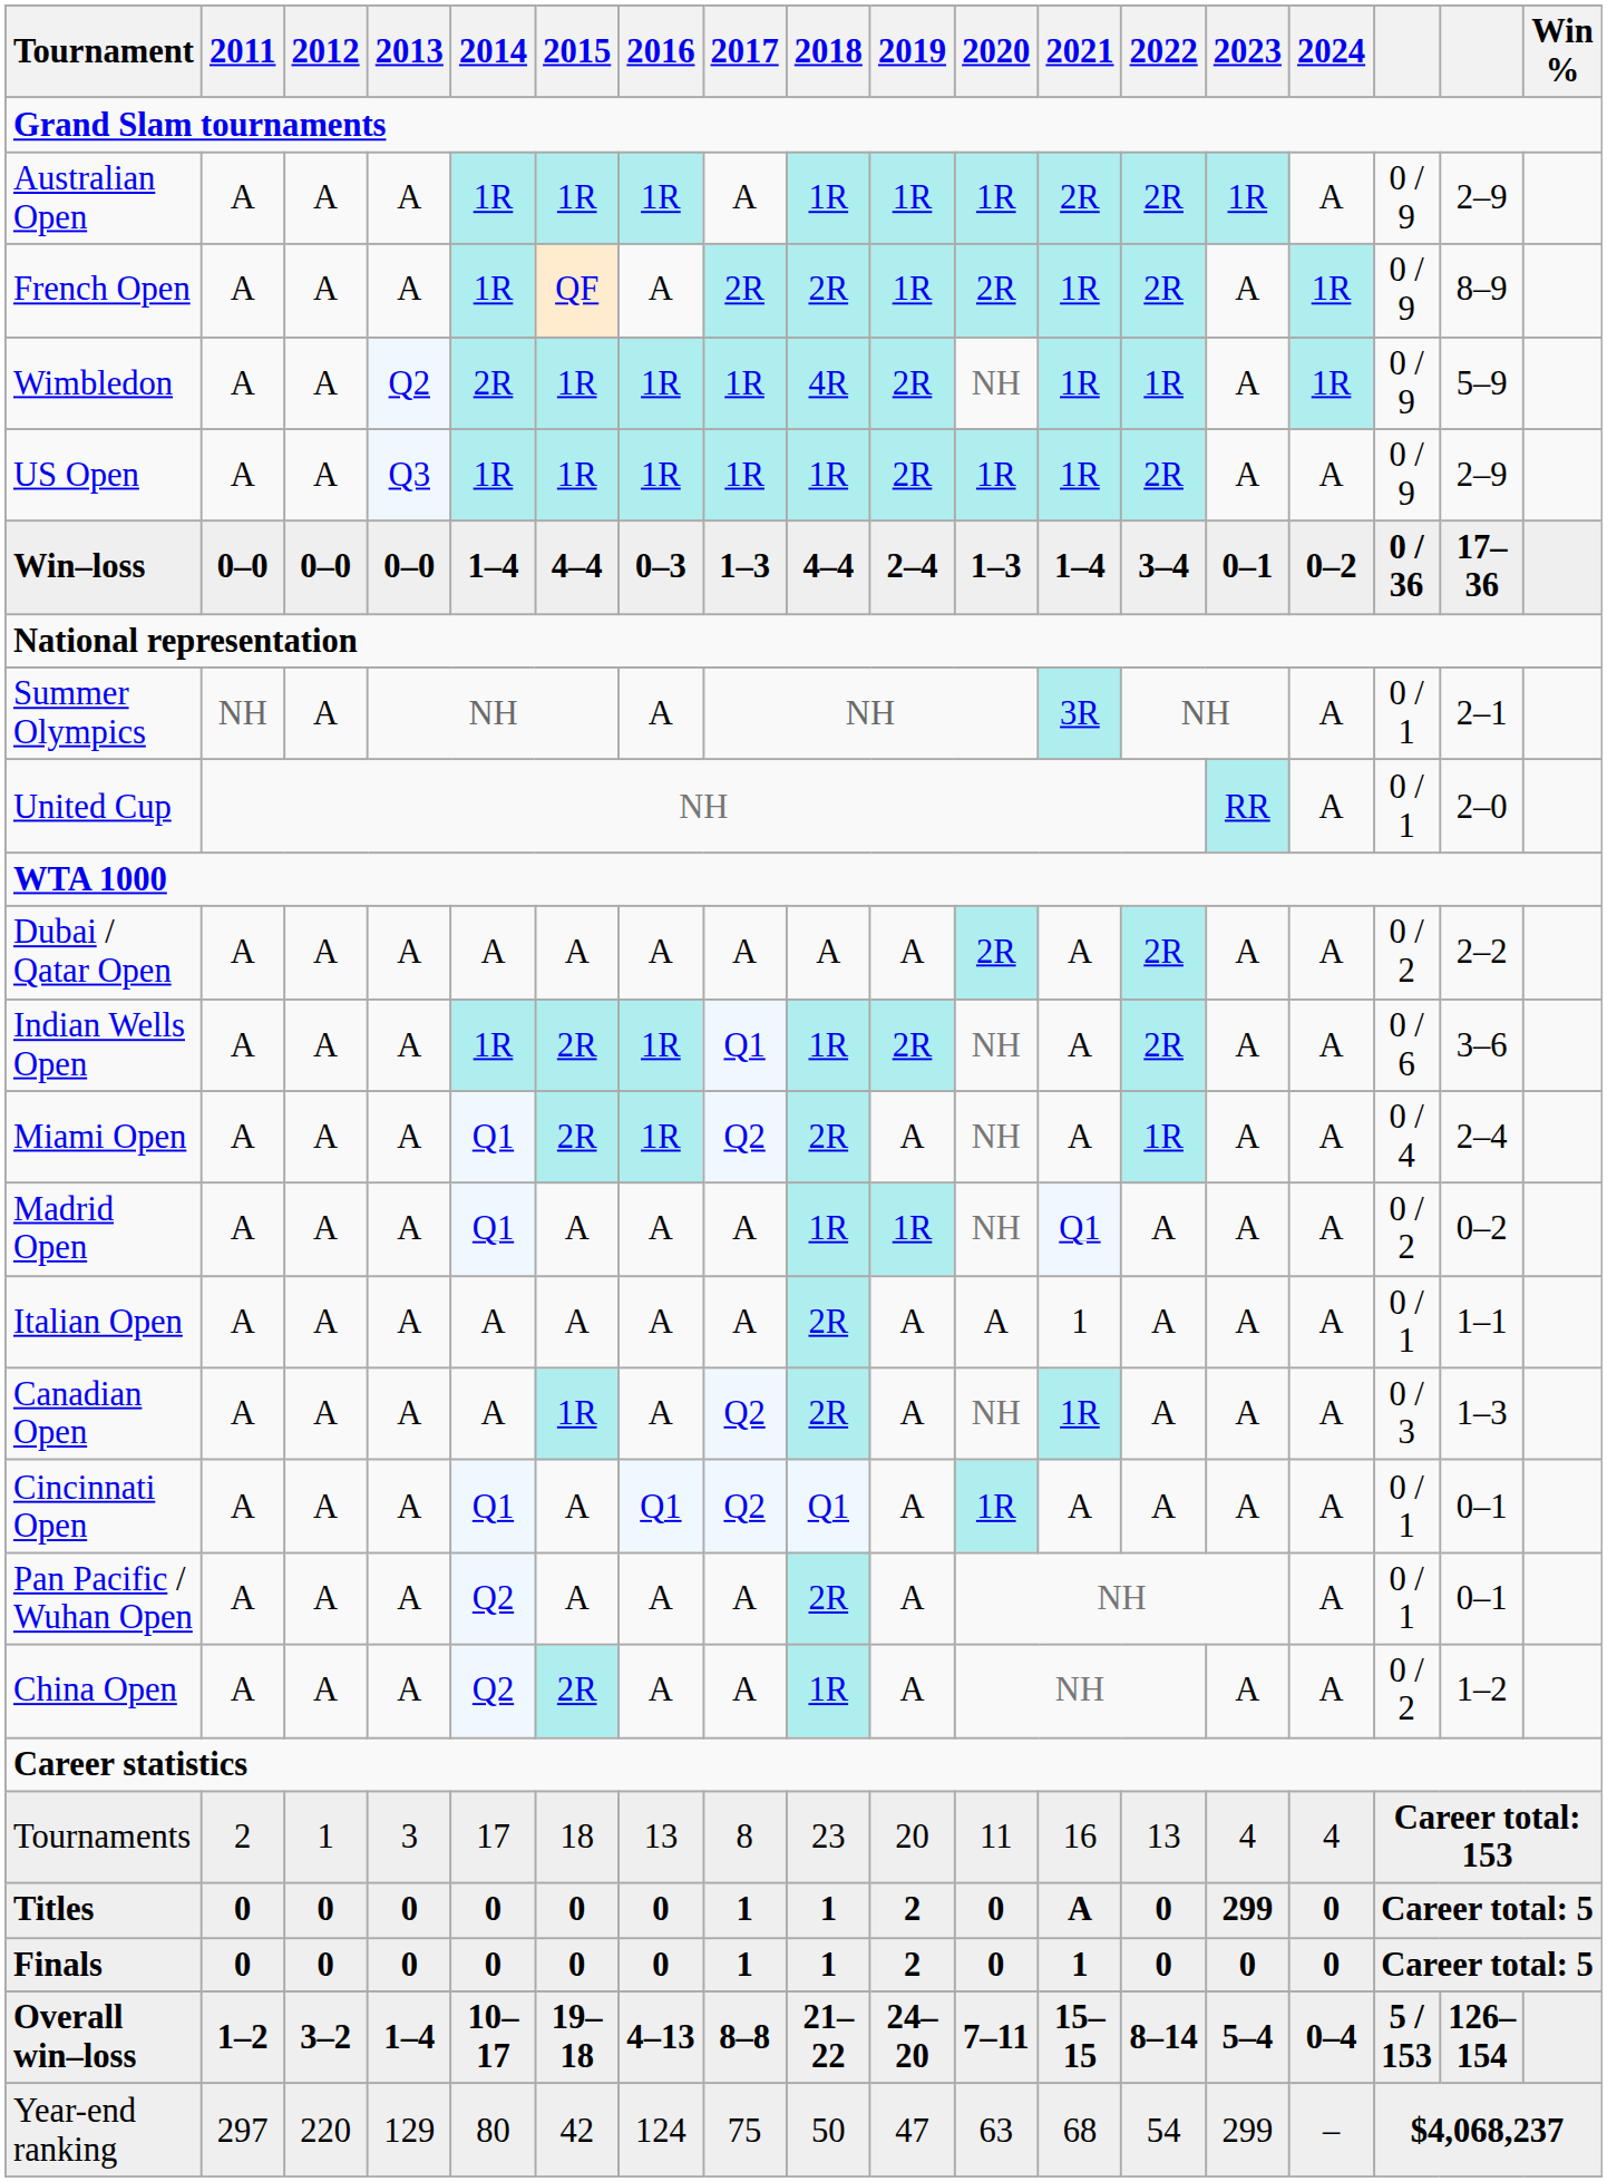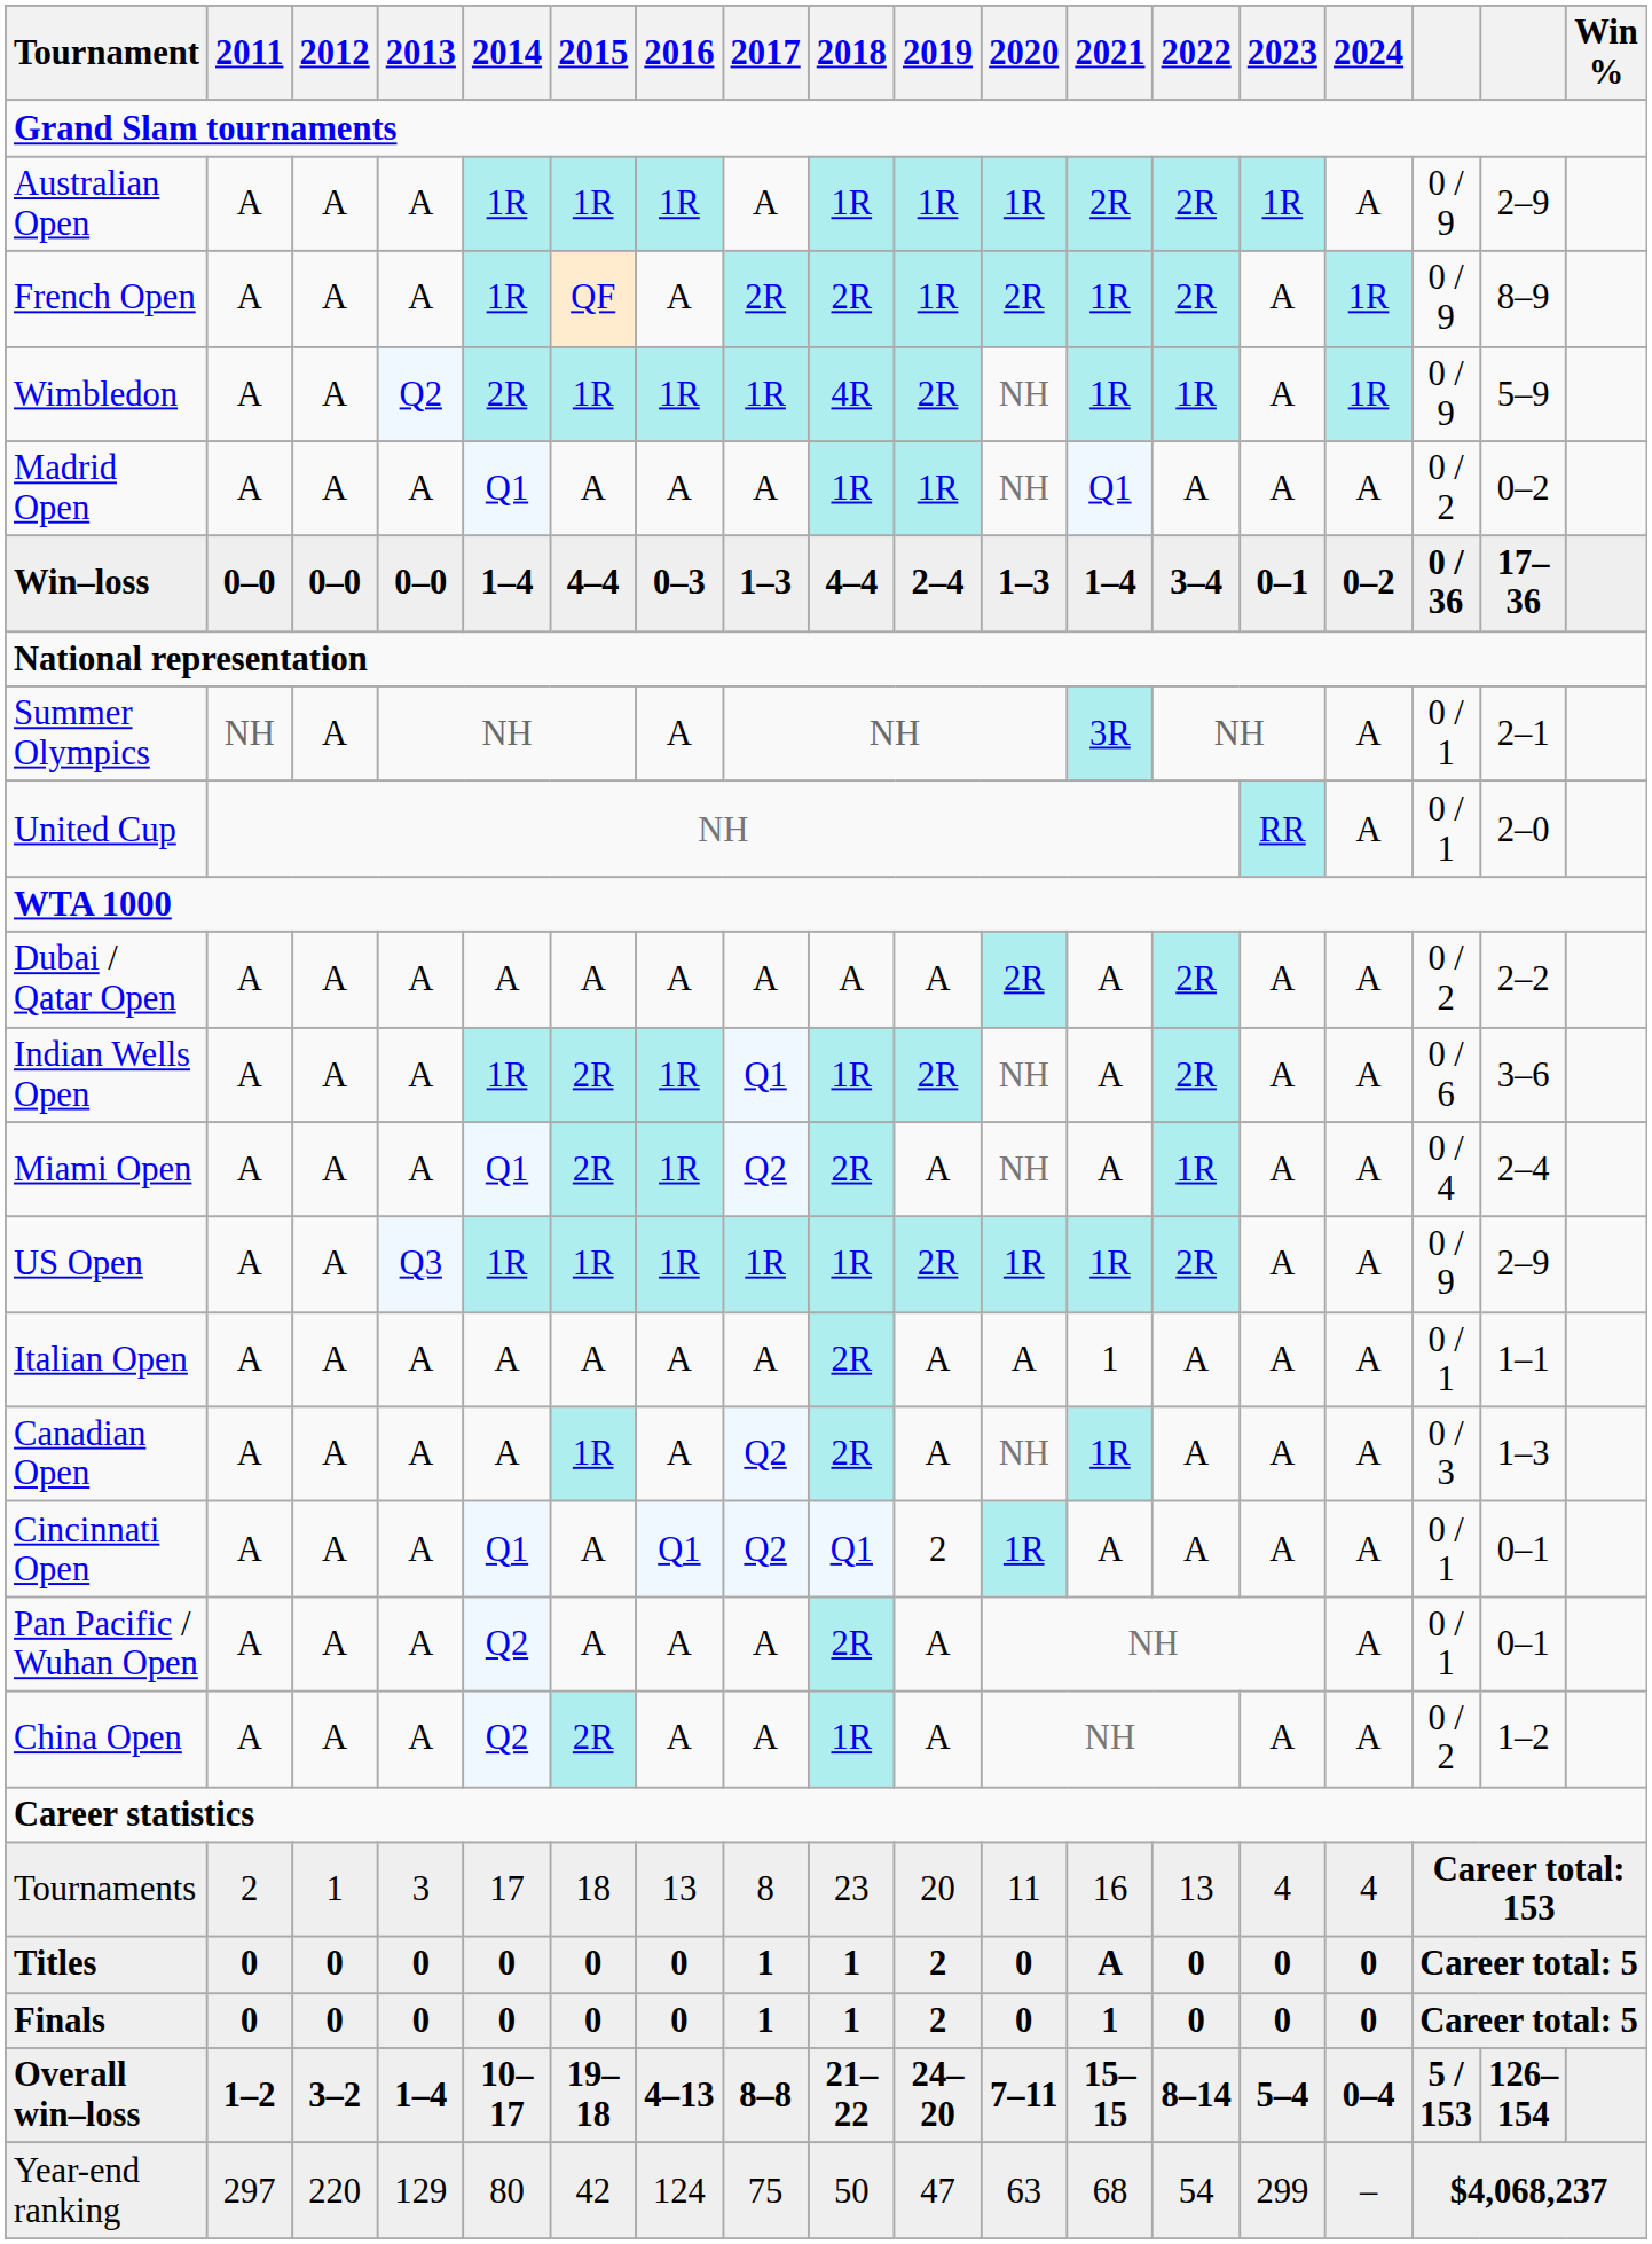 <table class=wikitable style=text-align:center>
 <tr>
 <th>Tournament</th>
 <th><a href='#'>2011</a></th>
 <th><a href='#'>2012</a></th>
 <th><a href='#'>2013</a></th>
 <th><a href='#'>2014</a></th>
 <th><a href='#'>2015</a></th>
 <th><a href='#'>2016</a></th>
 <th><a href='#'>2017</a></th>
 <th><a href='#'>2018</a></th>
 <th><a href='#'>2019</a></th>
 <th><a href='#'>2020</a></th>
 <th><a href='#'>2021</a></th>
 <th><a href='#'>2022</a></th>
 <th><a href='#'>2023</a></th>
 <th><a href='#'>2024</a></th>
 <th></th>
 <th></th>
 <th>Win %</th>
 </tr>
 <tr>
 <td colspan="18" align="left"><strong><a href='#'>Grand Slam tournaments</a></strong></td>
 </tr>
 <tr>
 <td align=left><a href='#'>Australian Open</a></td>
 <td>A</td>
 <td>A</td>
 <td>A</td>
 <td style=background:#afeeee><a href='#'>1R</a></td>
 <td style=background:#afeeee><a href='#'>1R</a></td>
 <td style=background:#afeeee><a href='#'>1R</a></td>
 <td>A</td>
 <td style=background:#afeeee><a href='#'>1R</a></td>
 <td style=background:#afeeee><a href='#'>1R</a></td>
 <td style=background:#afeeee><a href='#'>1R</a></td>
 <td bgcolor=afeeee><a href='#'>2R</a></td>
 <td bgcolor=afeeee><a href='#'>2R</a></td>
 <td bgcolor=afeeee><a href='#'>1R</a></td>
 <td>A</td>
 <td>0 / 9</td>
 <td>2–9</td>
 <td></td>
 </tr>
 <tr>
 <td align=left><a href='#'>French Open</a></td>
 <td>A</td>
 <td>A</td>
 <td>A</td>
 <td style=background:#afeeee><a href='#'>1R</a></td>
 <td style=background:#ffebcd><a href='#'>QF</a></td>
 <td>A</td>
 <td style=background:#afeeee><a href='#'>2R</a></td>
 <td style=background:#afeeee><a href='#'>2R</a></td>
 <td style=background:#afeeee><a href='#'>1R</a></td>
 <td bgcolor=afeeee><a href='#'>2R</a></td>
 <td bgcolor=afeeee><a href='#'>1R</a></td>
 <td bgcolor=afeeee><a href='#'>2R</a></td>
 <td>A</td>
 <td bgcolor=afeeee><a href='#'>1R</a></td>
 <td>0 / 9</td>
 <td>8–9</td>
 <td></td>
 </tr>
 <tr>
 <td align=left><a href='#'>Wimbledon</a></td>
 <td>A</td>
 <td>A</td>
 <td bgcolor=f0f8ff><a href='#'>Q2</a></td>
 <td style=background:#afeeee><a href='#'>2R</a></td>
 <td style=background:#afeeee><a href='#'>1R</a></td>
 <td style=background:#afeeee><a href='#'>1R</a></td>
 <td style=background:#afeeee><a href='#'>1R</a></td>
 <td style=background:#afeeee><a href='#'>4R</a></td>
 <td style=background:#afeeee><a href='#'>2R</a></td>
 <td style=color:#767676>NH</td>
 <td style=background:#afeeee><a href='#'>1R</a></td>
 <td bgcolor=afeeee><a href='#'>1R</a></td>
 <td>A</td>
 <td bgcolor=afeeee><a href='#'>1R</a></td>
 <td>0 / 9</td>
 <td>5–9</td>
 <td></td>
 </tr>
 <tr>
-<td align=left><a href='#'>US Open</a></td>
+<td align=left><a href='#'>Madrid Open</a></td>
 <td>A</td>
 <td>A</td>
-<td bgcolor=f0f8ff><a href='#'>Q3</a></td>
-<td style=background:#afeeee><a href='#'>1R</a></td>
-<td style=background:#afeeee><a href='#'>1R</a></td>
-<td style=background:#afeeee><a href='#'>1R</a></td>
-<td style=background:#afeeee><a href='#'>1R</a></td>
-<td style=background:#afeeee><a href='#'>1R</a></td>
-<td style=background:#afeeee><a href='#'>2R</a></td>
-<td style=background:#afeeee><a href='#'>1R</a></td>
-<td style=background:#afeeee><a href='#'>1R</a></td>
-<td style=background:#afeeee><a href='#'>2R</a></td>
+<td>A</td>
+<td bgcolor=f0f8ff><a href='#'>Q1</a></td>
 <td>A</td>
 <td>A</td>
-<td>0 / 9</td>
-<td>2–9</td>
+<td>A</td>
+<td bgcolor=afeeee><a href='#'>1R</a></td>
+<td bgcolor=afeeee><a href='#'>1R</a></td>
+<td style="color:#767676">NH</td>
+<td bgcolor=f0f8ff><a href='#'>Q1</a></td>
+<td>A</td>
+<td>A</td>
+<td>A</td>
+<td>0 / 2</td>
+<td>0–2</td>
 <td></td>
 </tr>
 <tr style=background:#efefef;font-weight:bold>
 <td style=text-align:left>Win–loss</td>
 <td>0–0</td>
 <td>0–0</td>
 <td>0–0</td>
 <td>1–4</td>
 <td>4–4</td>
 <td>0–3</td>
 <td>1–3</td>
 <td>4–4</td>
 <td>2–4</td>
 <td>1–3</td>
 <td>1–4</td>
 <td>3–4</td>
 <td>0–1</td>
 <td>0–2</td>
 <td>0 / 36</td>
 <td>17–36</td>
 <td></td>
 </tr>
 <tr>
 <td align=left colspan="18"><strong>National representation</strong></td>
 </tr>
 <tr>
 <td style="text-align:left;"><a href='#'>Summer Olympics</a></td>
 <td style=color:#696969>NH</td>
 <td>A</td>
 <td colspan=3 style=color:#696969>NH</td>
 <td>A</td>
 <td colspan=4 style=color:#696969>NH</td>
 <td style=background:#afeeee><a href='#'>3R</a></td>
 <td colspan=2 style=color:#696969>NH</td>
 <td>A</td>
 <td>0 / 1</td>
 <td>2–1</td>
 <td></td>
 </tr>
 <tr>
 <td align=left><a href='#'>United Cup</a></td>
 <td colspan="12" style=color:#767676>NH</td>
 <td bgcolor=afeeee><a href='#'>RR</a></td>
 <td>A</td>
 <td>0 / 1</td>
 <td>2–0</td>
 <td></td>
 </tr>
 <tr>
 <td colspan="18" align="left"><strong><a href='#'>WTA 1000</a></strong></td>
 </tr>
 <tr>
 <td align=left><a href='#'>Dubai</a> / <a href='#'>Qatar Open</a></td>
 <td>A</td>
 <td>A</td>
 <td>A</td>
 <td>A</td>
 <td>A</td>
 <td>A</td>
 <td>A</td>
 <td>A</td>
 <td>A</td>
 <td bgcolor=afeeee><a href='#'>2R</a></td>
 <td>A</td>
 <td bgcolor=afeeee><a href='#'>2R</a></td>
 <td>A</td>
 <td>A</td>
 <td>0 / 2</td>
 <td>2–2</td>
 <td></td>
 </tr>
 <tr>
 <td align=left><a href='#'>Indian Wells Open</a></td>
 <td>A</td>
 <td>A</td>
 <td>A</td>
 <td bgcolor=afeeee><a href='#'>1R</a></td>
 <td bgcolor=afeeee><a href='#'>2R</a></td>
 <td bgcolor=afeeee><a href='#'>1R</a></td>
 <td bgcolor=f0f8ff><a href='#'>Q1</a></td>
 <td bgcolor=afeeee><a href='#'>1R</a></td>
 <td bgcolor=afeeee><a href='#'>2R</a></td>
 <td style="color:#767676">NH</td>
 <td>A</td>
 <td bgcolor=afeeee><a href='#'>2R</a></td>
 <td>A</td>
 <td>A</td>
 <td>0 / 6</td>
 <td>3–6</td>
 <td></td>
 </tr>
 <tr>
 <td align=left><a href='#'>Miami Open</a></td>
 <td>A</td>
 <td>A</td>
 <td>A</td>
 <td bgcolor=f0f8ff><a href='#'>Q1</a></td>
 <td bgcolor=afeeee><a href='#'>2R</a></td>
 <td bgcolor=afeeee><a href='#'>1R</a></td>
 <td bgcolor=f0f8ff><a href='#'>Q2</a></td>
 <td bgcolor=afeeee><a href='#'>2R</a></td>
 <td>A</td>
 <td style="color:#767676">NH</td>
 <td>A</td>
 <td bgcolor=afeeee><a href='#'>1R</a></td>
 <td>A</td>
 <td>A</td>
 <td>0 / 4</td>
 <td>2–4</td>
 <td></td>
 </tr>
 <tr>
-<td align=left><a href='#'>Madrid Open</a></td>
+<td align=left><a href='#'>US Open</a></td>
 <td>A</td>
 <td>A</td>
-<td>A</td>
-<td bgcolor=f0f8ff><a href='#'>Q1</a></td>
+<td bgcolor=f0f8ff><a href='#'>Q3</a></td>
+<td style=background:#afeeee><a href='#'>1R</a></td>
+<td style=background:#afeeee><a href='#'>1R</a></td>
+<td style=background:#afeeee><a href='#'>1R</a></td>
+<td style=background:#afeeee><a href='#'>1R</a></td>
+<td style=background:#afeeee><a href='#'>1R</a></td>
+<td style=background:#afeeee><a href='#'>2R</a></td>
+<td style=background:#afeeee><a href='#'>1R</a></td>
+<td style=background:#afeeee><a href='#'>1R</a></td>
+<td style=background:#afeeee><a href='#'>2R</a></td>
 <td>A</td>
 <td>A</td>
-<td>A</td>
-<td bgcolor=afeeee><a href='#'>1R</a></td>
-<td bgcolor=afeeee><a href='#'>1R</a></td>
-<td style="color:#767676">NH</td>
-<td bgcolor=f0f8ff><a href='#'>Q1</a></td>
-<td>A</td>
-<td>A</td>
-<td>A</td>
-<td>0 / 2</td>
-<td>0–2</td>
+<td>0 / 9</td>
+<td>2–9</td>
 <td></td>
 </tr>
 <tr>
 <td align=left><a href='#'>Italian Open</a></td>
 <td>A</td>
 <td>A</td>
 <td>A</td>
 <td>A</td>
 <td>A</td>
 <td>A</td>
 <td>A</td>
 <td bgcolor=afeeee><a href='#'>2R</a></td>
 <td>A</td>
 <td>A</td>
 <td>1</td>
 <td>A</td>
 <td>A</td>
 <td>A</td>
 <td>0 / 1</td>
 <td>1–1</td>
 <td></td>
 </tr>
 <tr>
 <td align=left><a href='#'>Canadian Open</a></td>
 <td>A</td>
 <td>A</td>
 <td>A</td>
 <td>A</td>
 <td bgcolor=afeeee><a href='#'>1R</a></td>
 <td>A</td>
 <td bgcolor=f0f8ff><a href='#'>Q2</a></td>
 <td bgcolor=afeeee><a href='#'>2R</a></td>
 <td>A</td>
 <td style=color:#767676>NH</td>
 <td bgcolor=afeeee><a href='#'>1R</a></td>
 <td>A</td>
 <td>A</td>
 <td>A</td>
 <td>0 / 3</td>
 <td>1–3</td>
 <td></td>
 </tr>
 <tr>
 <td align=left><a href='#'>Cincinnati Open</a></td>
 <td>A</td>
 <td>A</td>
 <td>A</td>
 <td bgcolor=f0f8ff><a href='#'>Q1</a></td>
 <td>A</td>
 <td bgcolor=f0f8ff><a href='#'>Q1</a></td>
 <td bgcolor=f0f8ff><a href='#'>Q2</a></td>
 <td bgcolor=f0f8ff><a href='#'>Q1</a></td>
-<td>A</td>
+<td>2</td>
 <td bgcolor=afeeee><a href='#'>1R</a></td>
 <td>A</td>
 <td>A</td>
 <td>A</td>
 <td>A</td>
 <td>0 / 1</td>
 <td>0–1</td>
 <td></td>
 </tr>
 <tr>
 <td align=left><a href='#'>Pan Pacific</a> / <a href='#'>Wuhan Open</a></td>
 <td>A</td>
 <td>A</td>
 <td>A</td>
 <td bgcolor=f0f8ff><a href='#'>Q2</a></td>
 <td>A</td>
 <td>A</td>
 <td>A</td>
 <td bgcolor=afeeee><a href='#'>2R</a></td>
 <td>A</td>
 <td colspan="4" style="color:#767676">NH</td>
 <td>A</td>
 <td>0 / 1</td>
 <td>0–1</td>
 <td></td>
 </tr>
 <tr>
 <td align=left><a href='#'>China Open</a></td>
 <td>A</td>
 <td>A</td>
 <td>A</td>
 <td bgcolor=f0f8ff><a href='#'>Q2</a></td>
 <td bgcolor=afeeee><a href='#'>2R</a></td>
 <td>A</td>
 <td>A</td>
 <td bgcolor=afeeee><a href='#'>1R</a></td>
 <td>A</td>
 <td colspan="3" style="color:#767676">NH</td>
 <td>A</td>
 <td>A</td>
 <td>0 / 2</td>
 <td>1–2</td>
 <td></td>
 </tr>
 <tr>
 <td colspan="18" align="left" style="text-align:left"><strong>Career statistics</strong></td>
 </tr>
 <tr style=background-color:#efefef>
 <td align=left>Tournaments</td>
 <td>2</td>
 <td>1</td>
 <td>3</td>
 <td>17</td>
 <td>18</td>
 <td>13</td>
 <td>8</td>
 <td>23</td>
 <td>20</td>
 <td>11</td>
 <td>16</td>
 <td>13</td>
 <td>4</td>
 <td>4</td>
 <td colspan=3><strong>Career total: 153</strong></td>
 </tr>
 <tr style=background-color:#efefef;font-weight:bold>
 <td align=left>Titles</td>
 <td>0</td>
 <td>0</td>
 <td>0</td>
 <td>0</td>
 <td>0</td>
 <td>0</td>
 <td>1</td>
 <td>1</td>
 <td>2</td>
 <td>0</td>
 <td>A</td>
 <td>0</td>
-<td>299</td>
+<td>0</td>
 <td>0</td>
 <td colspan=3>Career total: 5</td>
 </tr>
 <tr style=background-color:#efefef;font-weight:bold>
 <td align=left>Finals</td>
 <td>0</td>
 <td>0</td>
 <td>0</td>
 <td>0</td>
 <td>0</td>
 <td>0</td>
 <td>1</td>
 <td>1</td>
 <td>2</td>
 <td>0</td>
 <td>1</td>
 <td>0</td>
 <td>0</td>
 <td>0</td>
 <td colspan=3>Career total: 5</td>
 </tr>
 <tr style=background-color:#efefef;font-weight:bold>
 <td align=left>Overall win–loss</td>
 <td>1–2</td>
 <td>3–2</td>
 <td>1–4</td>
 <td>10–17</td>
 <td>19–18</td>
 <td>4–13</td>
 <td>8–8</td>
 <td>21–22</td>
 <td>24–20</td>
 <td>7–11</td>
 <td>15–15</td>
 <td>8–14</td>
 <td>5–4</td>
 <td>0–4</td>
 <td>5 / 153</td>
 <td>126–154</td>
 <td></td>
 </tr>
 <tr style=background:#efefef>
 <td align=left>Year-end ranking</td>
 <td>297</td>
 <td>220</td>
 <td>129</td>
 <td>80</td>
 <td>42</td>
 <td>124</td>
 <td>75</td>
 <td>50</td>
 <td>47</td>
 <td>63</td>
 <td>68</td>
 <td>54</td>
 <td>299</td>
 <td>–</td>
 <td colspan=3><strong>$4,068,237</strong></td>
 </tr>
 </table>
